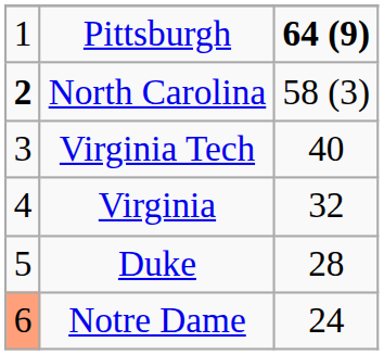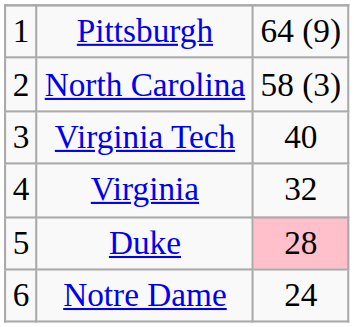 <table class="wikitable" style="display: inline-table; text-align: center;">
 <tr align="center">
 </tr>
 <tr align="center">
 <td>1</td>
 <td><a href='#'>Pittsburgh</a></td>
-<td><strong>64 (9)</strong></td>
+<td>64 (9)</td>
 </tr>
 <tr align="center">
-<td><strong>2</strong></td>
+<td>2</td>
 <td><a href='#'>North Carolina</a></td>
 <td>58 (3)</td>
 </tr>
 <tr align="center">
 <td>3</td>
 <td><a href='#'>Virginia Tech</a></td>
 <td>40</td>
 </tr>
 <tr align="center">
 <td>4</td>
 <td><a href='#'>Virginia</a></td>
 <td>32</td>
 </tr>
 <tr align="center">
 <td>5</td>
 <td><a href='#'>Duke</a></td>
-<td>28</td>
+<td style="background: pink;">28</td>
 </tr>
 <tr align="center">
-<td style="background: lightsalmon;">6</td>
+<td>6</td>
 <td><a href='#'>Notre Dame</a></td>
 <td>24</td>
 </tr>
 </table>
